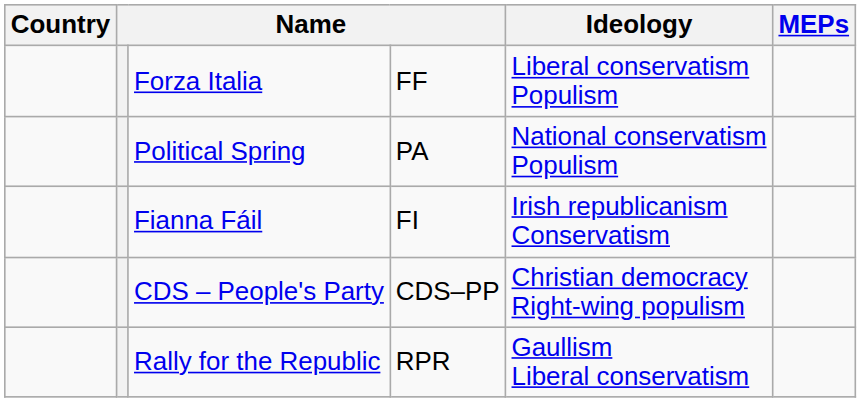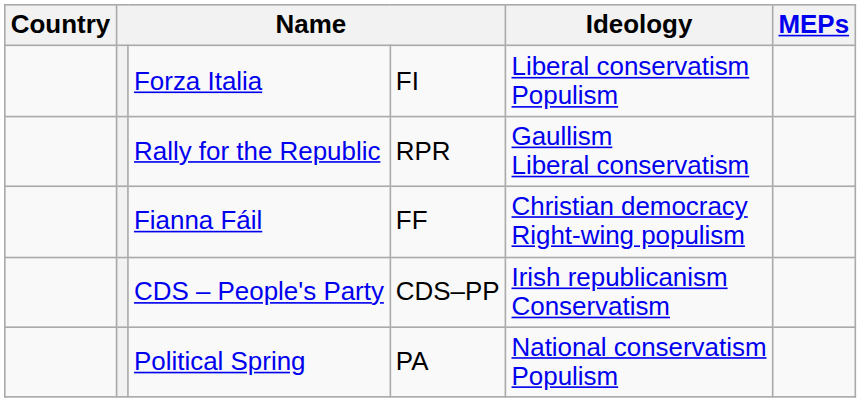 <table class="wikitable">
 <tr>
 <th>Country</th>
 <th colspan="3">Name</th>
 <th>Ideology</th>
 <th><a href='#'>MEPs</a></th>
 </tr>
 <tr>
 <td></td>
 <th style="background:"></th>
 <td><a href='#'>Forza Italia</a></td>
+<td>FI</td>
+<td><a href='#'>Liberal conservatism</a><br><a href='#'>Populism</a></td>
+<td></td>
+</tr>
+<tr>
+<td></td>
+<th style="background:"></th>
+<td><a href='#'>Rally for the Republic</a></td>
+<td>RPR</td>
+<td><a href='#'>Gaullism</a><br><a href='#'>Liberal conservatism</a></td>
+<td></td>
+</tr>
+<tr>
+<td></td>
+<th style="background:"></th>
+<td><a href='#'>Fianna Fáil</a></td>
 <td>FF</td>
-<td><a href='#'>Liberal conservatism</a><br><a href='#'>Populism</a></td>
+<td><a href='#'>Christian democracy</a><br><a href='#'>Right-wing populism</a></td>
+<td></td>
+</tr>
+<tr>
+<td></td>
+<th style="background:"></th>
+<td><a href='#'>CDS – People's Party</a></td>
+<td>CDS–PP</td>
+<td><a href='#'>Irish republicanism</a><br><a href='#'>Conservatism</a></td>
 <td></td>
 </tr>
 <tr>
 <td></td>
 <th style="background:"></th>
 <td><a href='#'>Political Spring</a></td>
 <td>PA</td>
 <td><a href='#'>National conservatism</a><br><a href='#'>Populism</a></td>
 <td></td>
 </tr>
-<tr>
-<td></td>
-<th style="background:"></th>
-<td><a href='#'>Fianna Fáil</a></td>
-<td>FI</td>
-<td><a href='#'>Irish republicanism</a><br><a href='#'>Conservatism</a></td>
-<td></td>
-</tr>
-<tr>
-<td></td>
-<th style="background:"></th>
-<td><a href='#'>CDS – People's Party</a></td>
-<td>CDS–PP</td>
-<td><a href='#'>Christian democracy</a><br><a href='#'>Right-wing populism</a></td>
-<td></td>
-</tr>
-<tr>
-<td></td>
-<th style="background:"></th>
-<td><a href='#'>Rally for the Republic</a></td>
-<td>RPR</td>
-<td><a href='#'>Gaullism</a><br><a href='#'>Liberal conservatism</a></td>
-<td></td>
-</tr>
 </table>
